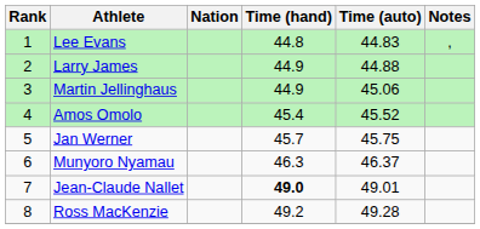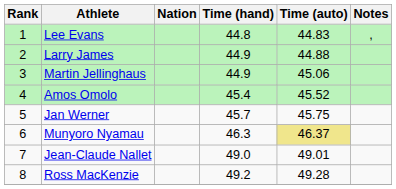 <table class="wikitable sortable" style="text-align:center">
 <tr>
 <th>Rank</th>
 <th>Athlete</th>
 <th>Nation</th>
 <th>Time (hand)</th>
 <th>Time (auto)</th>
 <th>Notes</th>
 </tr>
 <tr bgcolor=bbf3bb>
 <td>1</td>
 <td align=left><a href='#'>Lee Evans</a></td>
 <td align=left></td>
 <td>44.8</td>
 <td>44.83</td>
 <td>, </td>
 </tr>
 <tr bgcolor=bbf3bb>
 <td>2</td>
 <td align=left><a href='#'>Larry James</a></td>
 <td align=left></td>
 <td>44.9</td>
 <td>44.88</td>
 <td></td>
 </tr>
 <tr bgcolor=bbf3bb>
 <td>3</td>
 <td align=left><a href='#'>Martin Jellinghaus</a></td>
 <td align=left></td>
 <td>44.9</td>
 <td>45.06</td>
 <td></td>
 </tr>
 <tr bgcolor=bbf3bb>
 <td>4</td>
 <td align=left><a href='#'>Amos Omolo</a></td>
 <td align=left></td>
 <td>45.4</td>
 <td>45.52</td>
 <td></td>
 </tr>
 <tr>
 <td>5</td>
 <td align=left><a href='#'>Jan Werner</a></td>
 <td align=left></td>
 <td>45.7</td>
 <td>45.75</td>
 <td></td>
 </tr>
 <tr>
 <td>6</td>
 <td align=left><a href='#'>Munyoro Nyamau</a></td>
 <td align=left></td>
 <td>46.3</td>
-<td>46.37</td>
+<td style="background: khaki;">46.37</td>
 <td></td>
 </tr>
 <tr>
 <td>7</td>
 <td align=left><a href='#'>Jean-Claude Nallet</a></td>
 <td align=left></td>
-<td><strong>49.0</strong></td>
+<td>49.0</td>
 <td>49.01</td>
 <td></td>
 </tr>
 <tr>
 <td>8</td>
 <td align=left><a href='#'>Ross MacKenzie</a></td>
 <td align=left></td>
 <td>49.2</td>
 <td>49.28</td>
 <td></td>
 </tr>
 <tr>
 </tr>
 </table>
